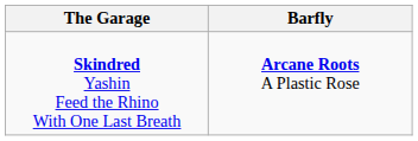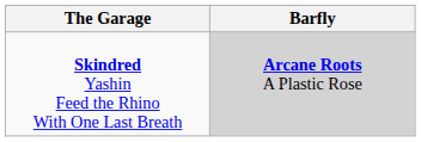 <table class="wikitable">
 <tr>
 <th>The Garage</th>
 <th>Barfly</th>
 </tr>
 <tr>
 <td valign="top" align="center" width=185><br><strong><a href='#'>Skindred</a></strong> <br><a href='#'>Yashin</a> <br><a href='#'>Feed the Rhino</a> <br><a href='#'>With One Last Breath</a></td>
-<td valign="top" align="center" width=185><br><strong><a href='#'>Arcane Roots</a></strong> <br>A Plastic Rose</td>
+<td valign="top" align="center" width=185 style="background: lightgrey;"><br><strong><a href='#'>Arcane Roots</a></strong> <br>A Plastic Rose</td>
 </tr>
 </table>
